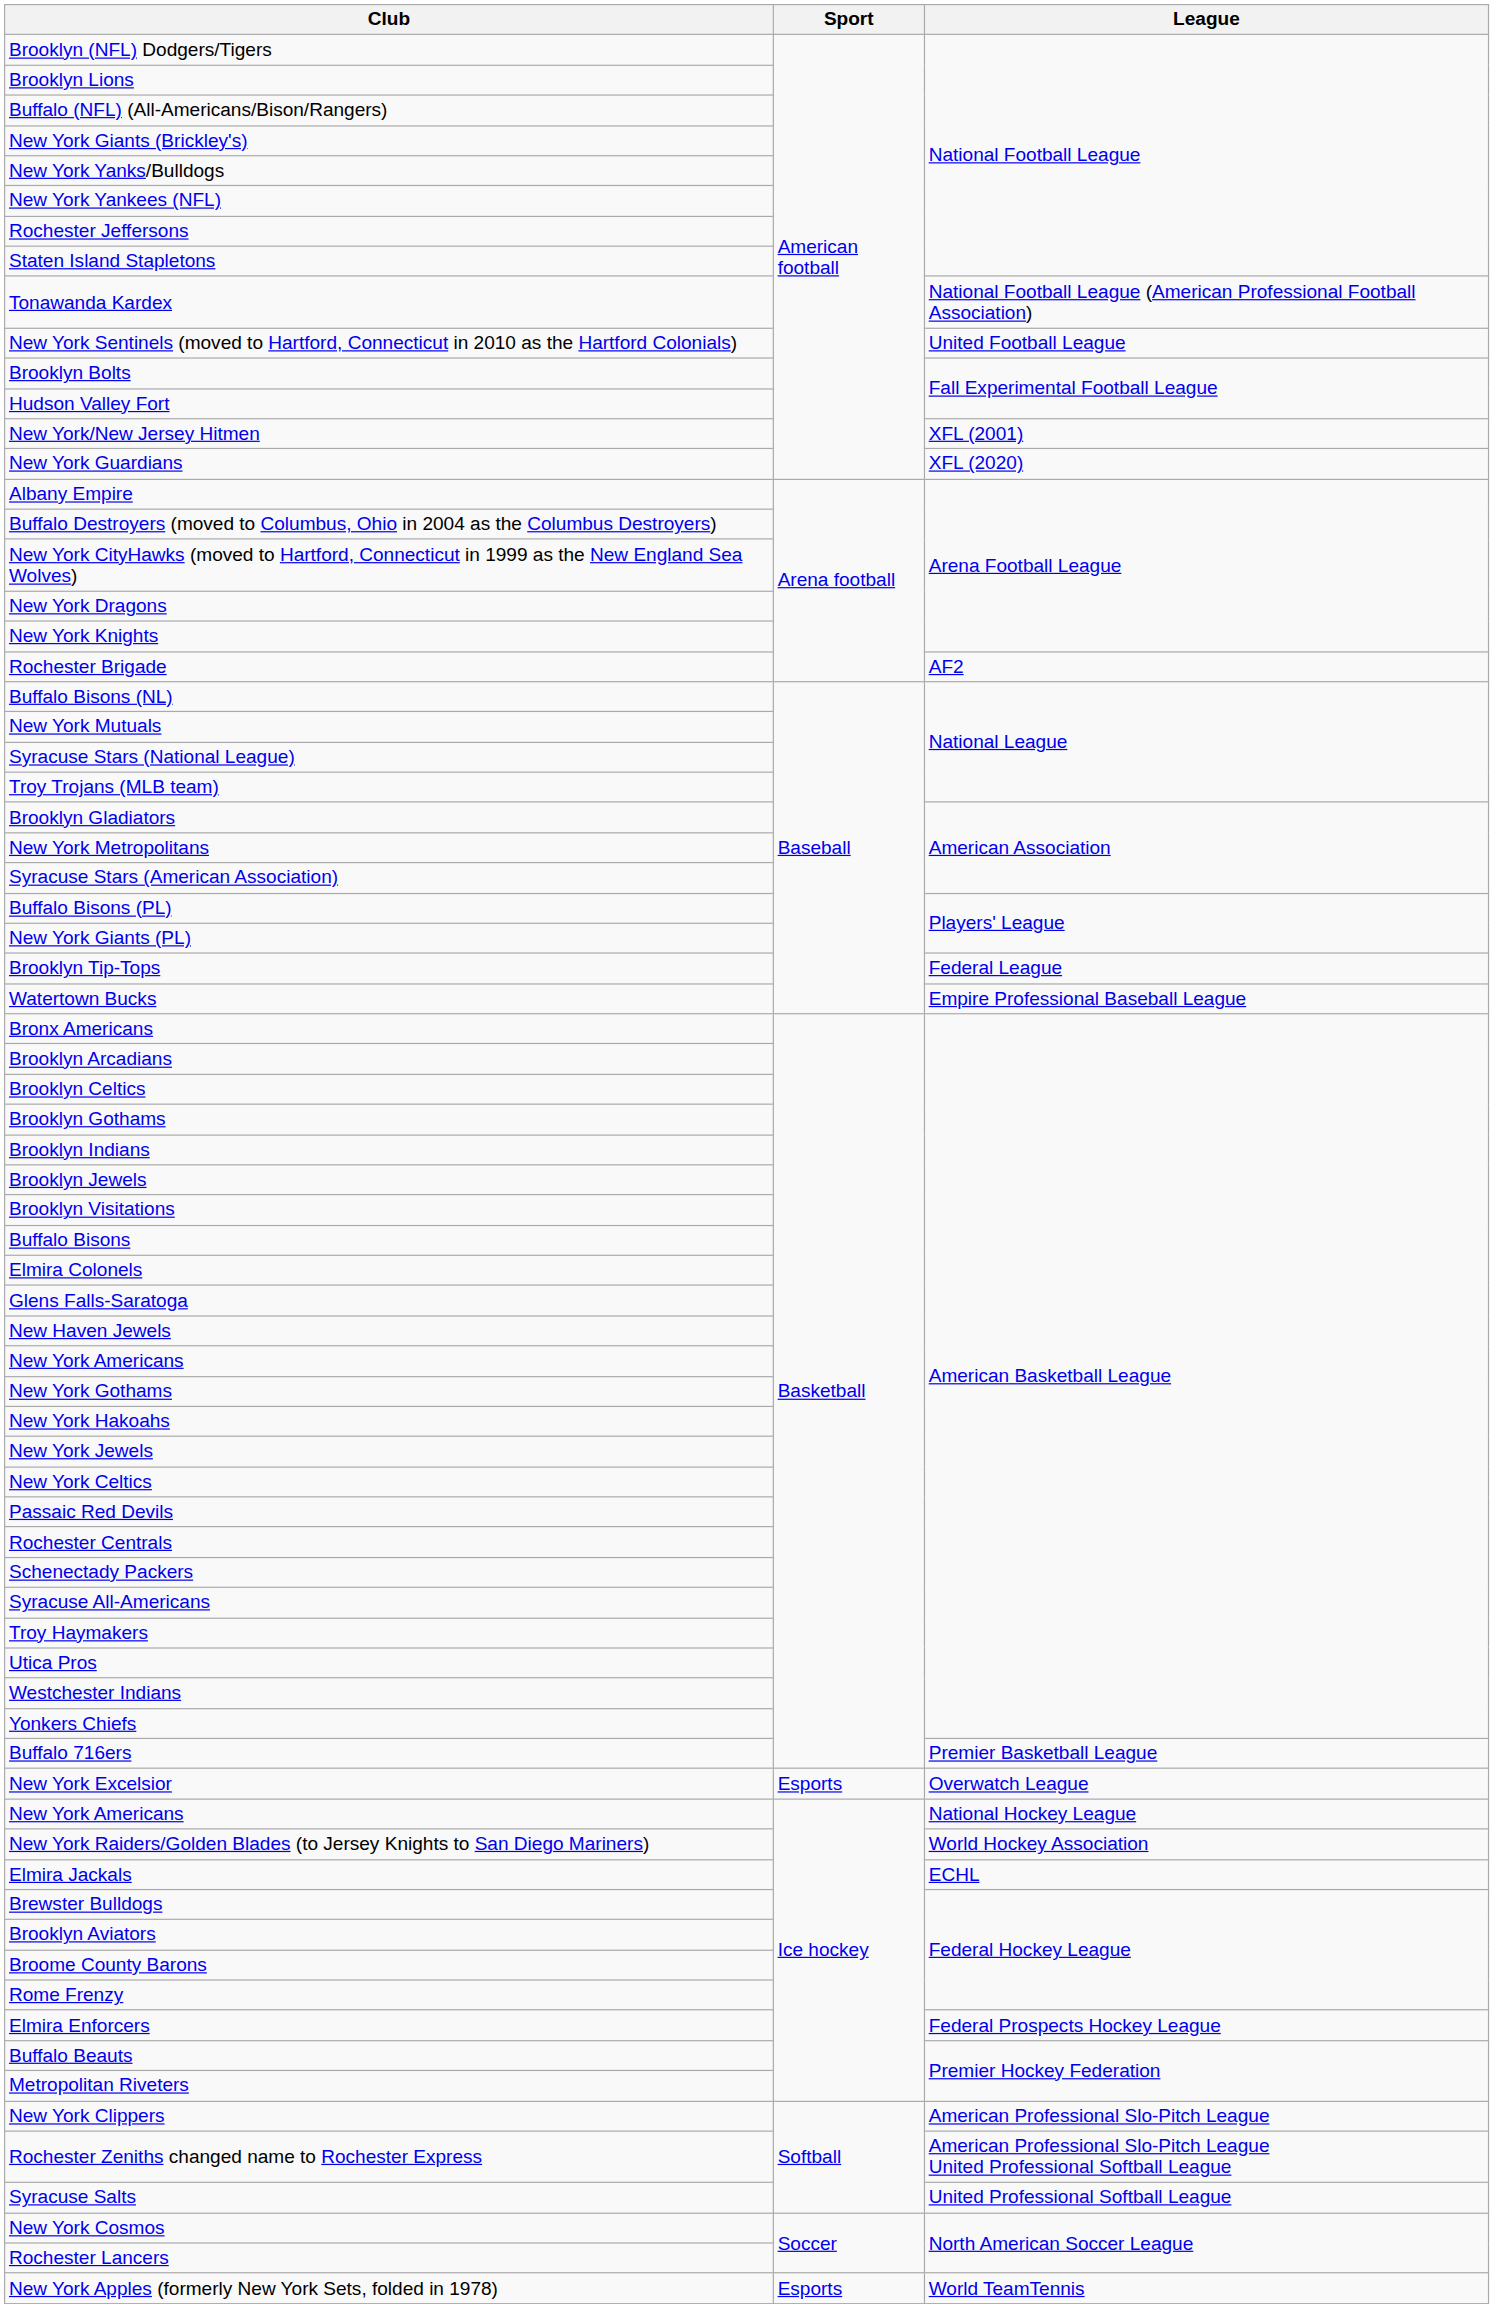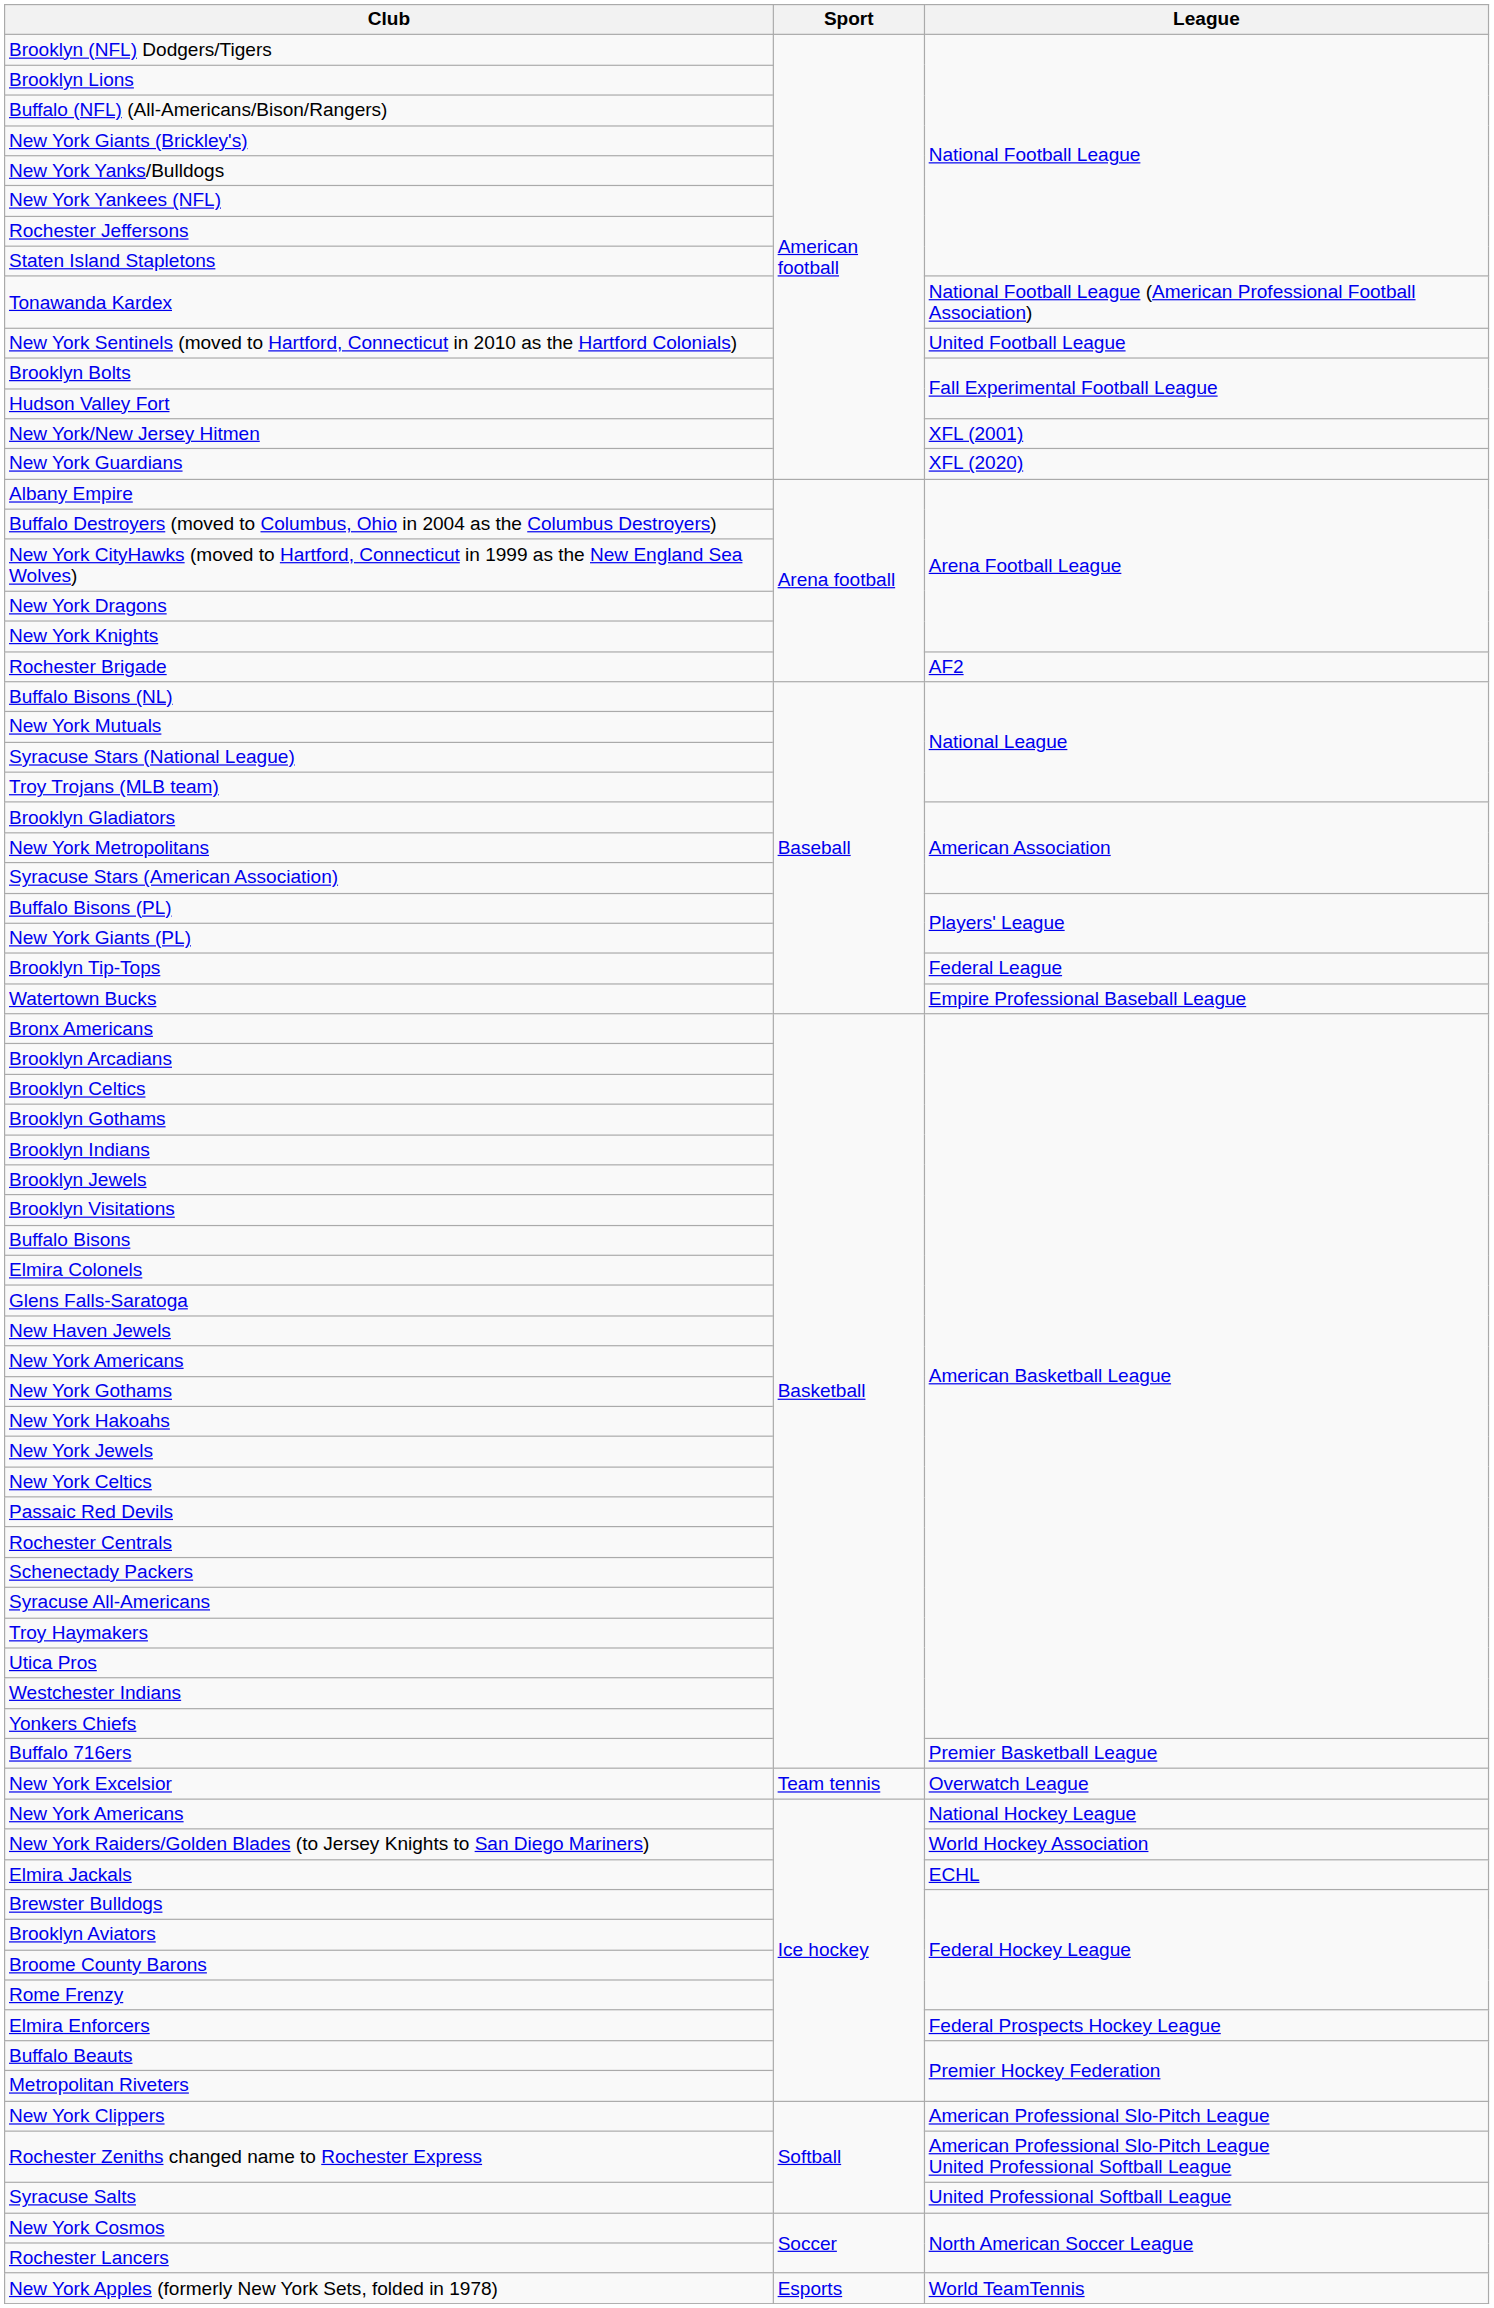 <table class="wikitable sortable">
 <tr>
 <th>Club</th>
 <th>Sport</th>
 <th>League</th>
 </tr>
 <tr>
 <td><a href='#'>Brooklyn (NFL)</a> Dodgers/Tigers</td>
 <td rowspan="14"><a href='#'>American football</a></td>
 <td rowspan="8"><a href='#'>National Football League</a></td>
 </tr>
 <tr>
 <td><a href='#'>Brooklyn Lions</a></td>
 </tr>
 <tr>
 <td><a href='#'>Buffalo (NFL)</a> (All-Americans/Bison/Rangers)</td>
 </tr>
 <tr>
 <td><a href='#'>New York Giants (Brickley's)</a></td>
 </tr>
 <tr>
 <td><a href='#'>New York Yanks</a>/Bulldogs</td>
 </tr>
 <tr>
 <td><a href='#'>New York Yankees (NFL)</a></td>
 </tr>
 <tr>
 <td><a href='#'>Rochester Jeffersons</a></td>
 </tr>
 <tr>
 <td><a href='#'>Staten Island Stapletons</a></td>
 </tr>
 <tr>
 <td><a href='#'>Tonawanda Kardex</a></td>
 <td><a href='#'>National Football League</a> (<a href='#'>American Professional Football Association</a>)</td>
 </tr>
 <tr>
 <td><a href='#'>New York Sentinels</a> (moved to <a href='#'>Hartford, Connecticut</a> in 2010 as the <a href='#'>Hartford Colonials</a>)</td>
 <td><a href='#'>United Football League</a></td>
 </tr>
 <tr>
 <td><a href='#'>Brooklyn Bolts</a></td>
 <td rowspan="2"><a href='#'>Fall Experimental Football League</a></td>
 </tr>
 <tr>
 <td><a href='#'>Hudson Valley Fort</a></td>
 </tr>
 <tr>
 <td><a href='#'>New York/New Jersey Hitmen</a></td>
 <td><a href='#'>XFL (2001)</a></td>
 </tr>
 <tr>
 <td><a href='#'>New York Guardians</a></td>
 <td><a href='#'>XFL (2020)</a></td>
 </tr>
 <tr>
 <td><a href='#'>Albany Empire</a></td>
 <td rowspan="6"><a href='#'>Arena football</a></td>
 <td rowspan="5"><a href='#'>Arena Football League</a></td>
 </tr>
 <tr>
 <td><a href='#'>Buffalo Destroyers</a> (moved to <a href='#'>Columbus, Ohio</a> in 2004 as the <a href='#'>Columbus Destroyers</a>)</td>
 </tr>
 <tr>
 <td><a href='#'>New York CityHawks</a> (moved to <a href='#'>Hartford, Connecticut</a> in 1999 as the <a href='#'>New England Sea Wolves</a>)</td>
 </tr>
 <tr>
 <td><a href='#'>New York Dragons</a></td>
 </tr>
 <tr>
 <td><a href='#'>New York Knights</a></td>
 </tr>
 <tr>
 <td><a href='#'>Rochester Brigade</a></td>
 <td><a href='#'>AF2</a></td>
 </tr>
 <tr>
 <td><a href='#'>Buffalo Bisons (NL)</a></td>
 <td rowspan="11"><a href='#'>Baseball</a></td>
 <td rowspan="4"><a href='#'>National League</a></td>
 </tr>
 <tr>
 <td><a href='#'>New York Mutuals</a></td>
 </tr>
 <tr>
 <td><a href='#'>Syracuse Stars (National League)</a></td>
 </tr>
 <tr>
 <td><a href='#'>Troy Trojans (MLB team)</a></td>
 </tr>
 <tr>
 <td><a href='#'>Brooklyn Gladiators</a></td>
 <td rowspan="3"><a href='#'>American Association</a></td>
 </tr>
 <tr>
 <td><a href='#'>New York Metropolitans</a></td>
 </tr>
 <tr>
 <td><a href='#'>Syracuse Stars (American Association)</a></td>
 </tr>
 <tr>
 <td><a href='#'>Buffalo Bisons (PL)</a></td>
 <td rowspan="2"><a href='#'>Players' League</a></td>
 </tr>
 <tr>
 <td><a href='#'>New York Giants (PL)</a></td>
 </tr>
 <tr>
 <td><a href='#'>Brooklyn Tip-Tops</a></td>
 <td><a href='#'>Federal League</a></td>
 </tr>
 <tr>
 <td><a href='#'>Watertown Bucks</a></td>
 <td><a href='#'>Empire Professional Baseball League</a></td>
 </tr>
 <tr>
 <td><a href='#'>Bronx Americans</a></td>
 <td rowspan="25"><a href='#'>Basketball</a></td>
 <td rowspan="24"><a href='#'>American Basketball League</a></td>
 </tr>
 <tr>
 <td><a href='#'>Brooklyn Arcadians</a></td>
 </tr>
 <tr>
 <td><a href='#'>Brooklyn Celtics</a></td>
 </tr>
 <tr>
 <td><a href='#'>Brooklyn Gothams</a></td>
 </tr>
 <tr>
 <td><a href='#'>Brooklyn Indians</a></td>
 </tr>
 <tr>
 <td><a href='#'>Brooklyn Jewels</a></td>
 </tr>
 <tr>
 <td><a href='#'>Brooklyn Visitations</a></td>
 </tr>
 <tr>
 <td><a href='#'>Buffalo Bisons</a></td>
 </tr>
 <tr>
 <td><a href='#'>Elmira Colonels</a></td>
 </tr>
 <tr>
 <td><a href='#'>Glens Falls-Saratoga</a></td>
 </tr>
 <tr>
 <td><a href='#'>New Haven Jewels</a></td>
 </tr>
 <tr>
 <td><a href='#'>New York Americans</a></td>
 </tr>
 <tr>
 <td><a href='#'>New York Gothams</a></td>
 </tr>
 <tr>
 <td><a href='#'>New York Hakoahs</a></td>
 </tr>
 <tr>
 <td><a href='#'>New York Jewels</a></td>
 </tr>
 <tr>
 <td><a href='#'>New York Celtics</a></td>
 </tr>
 <tr>
 <td><a href='#'>Passaic Red Devils</a></td>
 </tr>
 <tr>
 <td><a href='#'>Rochester Centrals</a></td>
 </tr>
 <tr>
 <td><a href='#'>Schenectady Packers</a></td>
 </tr>
 <tr>
 <td><a href='#'>Syracuse All-Americans</a></td>
 </tr>
 <tr>
 <td><a href='#'>Troy Haymakers</a></td>
 </tr>
 <tr>
 <td><a href='#'>Utica Pros</a></td>
 </tr>
 <tr>
 <td><a href='#'>Westchester Indians</a></td>
 </tr>
 <tr>
 <td><a href='#'>Yonkers Chiefs</a></td>
 </tr>
 <tr>
 <td><a href='#'>Buffalo 716ers</a></td>
 <td><a href='#'>Premier Basketball League</a></td>
 </tr>
 <tr>
 <td><a href='#'>New York Excelsior</a></td>
-<td><a href='#'>Esports</a></td>
+<td><a href='#'>Team tennis</a></td>
 <td><a href='#'>Overwatch League</a></td>
 </tr>
 <tr>
 <td><a href='#'>New York Americans</a></td>
 <td rowspan=10><a href='#'>Ice hockey</a></td>
 <td><a href='#'>National Hockey League</a></td>
 </tr>
 <tr>
 <td><a href='#'>New York Raiders/Golden Blades</a> (to Jersey Knights to <a href='#'>San Diego Mariners</a>)</td>
 <td><a href='#'>World Hockey Association</a></td>
 </tr>
 <tr>
 <td><a href='#'>Elmira Jackals</a></td>
 <td><a href='#'>ECHL</a></td>
 </tr>
 <tr>
 <td><a href='#'>Brewster Bulldogs</a></td>
 <td rowspan=4><a href='#'>Federal Hockey League</a></td>
 </tr>
 <tr>
 <td><a href='#'>Brooklyn Aviators</a></td>
 </tr>
 <tr>
 <td><a href='#'>Broome County Barons</a></td>
 </tr>
 <tr>
 <td><a href='#'>Rome Frenzy</a></td>
 </tr>
 <tr>
 <td><a href='#'>Elmira Enforcers</a></td>
 <td><a href='#'>Federal Prospects Hockey League</a></td>
 </tr>
 <tr>
 <td><a href='#'>Buffalo Beauts</a></td>
 <td rowspan=2><a href='#'>Premier Hockey Federation</a></td>
 </tr>
 <tr>
 <td><a href='#'>Metropolitan Riveters</a></td>
 </tr>
 <tr>
 <td><a href='#'>New York Clippers</a></td>
 <td rowspan="3"><a href='#'>Softball</a></td>
 <td><a href='#'>American Professional Slo-Pitch League</a></td>
 </tr>
 <tr>
 <td><a href='#'>Rochester Zeniths</a> changed name to <a href='#'>Rochester Express</a></td>
 <td><a href='#'>American Professional Slo-Pitch League</a><br><a href='#'>United Professional Softball League</a></td>
 </tr>
 <tr>
 <td><a href='#'>Syracuse Salts</a></td>
 <td><a href='#'>United Professional Softball League</a></td>
 </tr>
 <tr>
 <td><a href='#'>New York Cosmos</a></td>
 <td rowspan="2"><a href='#'>Soccer</a></td>
 <td rowspan="2"><a href='#'>North American Soccer League</a></td>
 </tr>
 <tr>
 <td><a href='#'>Rochester Lancers</a></td>
 </tr>
 <tr>
 <td><a href='#'>New York Apples</a> (formerly New York Sets, folded in 1978)</td>
 <td><a href='#'>Esports</a></td>
 <td><a href='#'>World TeamTennis</a></td>
 </tr>
 </table>
